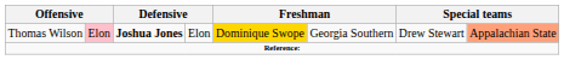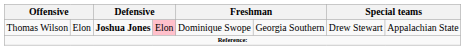 <table class="wikitable" border="1">
 <tr>
 <th colspan="2">Offensive</th>
 <th colspan="2">Defensive</th>
 <th colspan="2">Freshman</th>
 <th colspan="2">Special teams</th>
 </tr>
 <tr>
 <td>Thomas Wilson</td>
+<td>Elon</td>
+<td><strong>Joshua Jones</strong></td>
 <td style="background: pink;">Elon</td>
-<td><strong>Joshua Jones</strong></td>
-<td>Elon</td>
-<td style="background: gold;">Dominique Swope</td>
+<td>Dominique Swope</td>
 <td>Georgia Southern</td>
 <td>Drew Stewart</td>
-<td style="background: lightsalmon;">Appalachian State</td>
+<td>Appalachian State</td>
 </tr>
 <tr>
 <td colspan="8" style="font-size: 8pt" align="center"><strong>Reference:</strong></td>
 </tr>
 </table>
